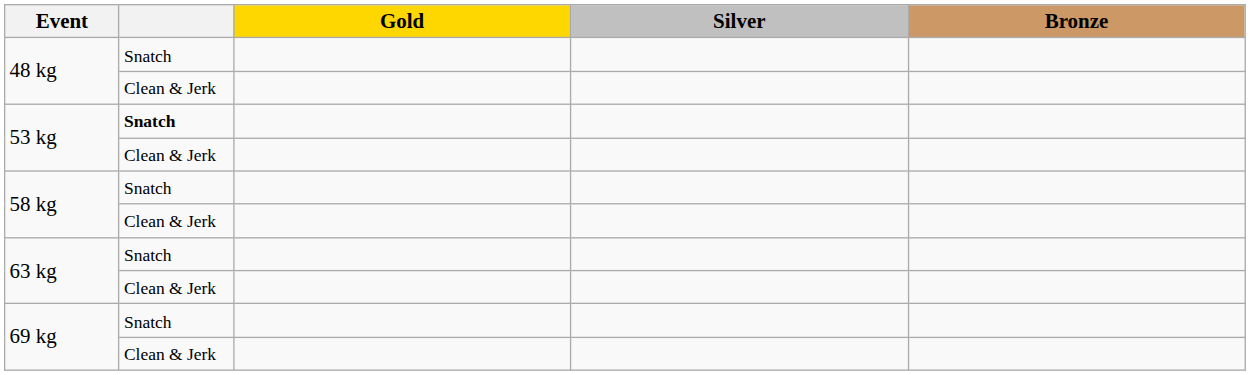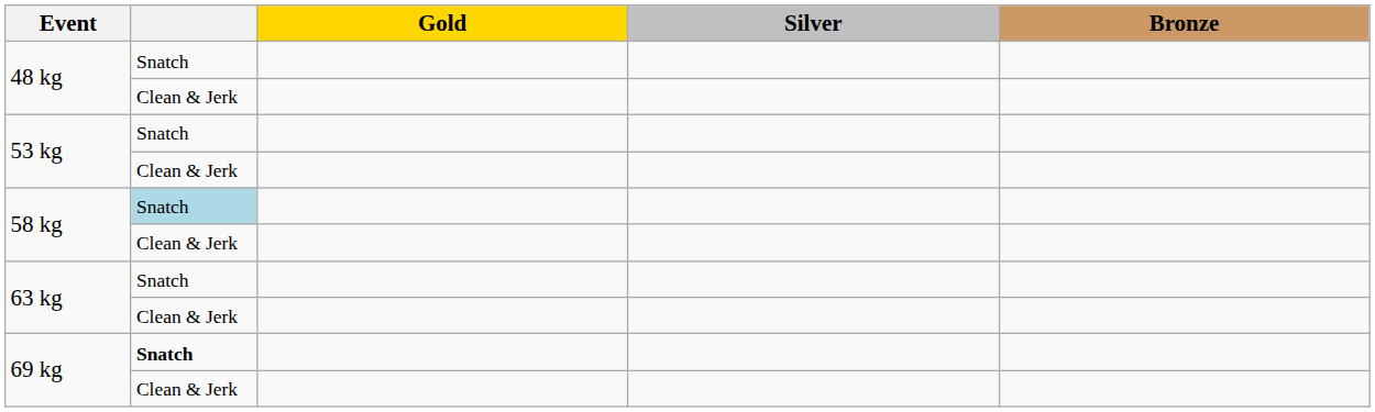 <table class="wikitable">
 <tr>
 <th width=80>Event</th>
 <th width=80></th>
 <td bgcolor=gold align="center" colspan=1 width=250><strong>Gold</strong></td>
 <td bgcolor=silver align="center" colspan=1 width=250><strong>Silver</strong></td>
 <td bgcolor=#cc9966 colspan=1 align="center" width=250><strong>Bronze</strong></td>
 </tr>
 <tr>
 <td rowspan=2>48 kg<br></td>
 <td><small>Snatch</small></td>
 <td></td>
 <td></td>
 <td></td>
 </tr>
 <tr>
 <td><small>Clean & Jerk</small></td>
 <td></td>
 <td></td>
 <td></td>
 </tr>
 <tr>
 <td rowspan=2>53 kg<br></td>
-<td><strong><small>Snatch</small></strong></td>
+<td><small>Snatch</small></td>
 <td></td>
 <td></td>
 <td></td>
 </tr>
 <tr>
 <td><small>Clean & Jerk</small></td>
 <td></td>
 <td></td>
 <td></td>
 </tr>
 <tr>
 <td rowspan=2>58 kg<br></td>
-<td><small>Snatch</small></td>
+<td style="background: lightblue;"><small>Snatch</small></td>
 <td></td>
 <td></td>
 <td></td>
 </tr>
 <tr>
 <td><small>Clean & Jerk</small></td>
 <td></td>
 <td></td>
 <td></td>
 </tr>
 <tr>
 <td rowspan=2>63 kg<br></td>
 <td><small>Snatch</small></td>
 <td></td>
 <td></td>
 <td></td>
 </tr>
 <tr>
 <td><small>Clean & Jerk</small></td>
 <td></td>
 <td></td>
 <td></td>
 </tr>
 <tr>
 <td rowspan=2>69 kg<br></td>
-<td><small>Snatch</small></td>
+<td><strong><small>Snatch</small></strong></td>
 <td></td>
 <td></td>
 <td></td>
 </tr>
 <tr>
 <td><small>Clean & Jerk</small></td>
 <td></td>
 <td></td>
 <td></td>
 </tr>
 </table>
